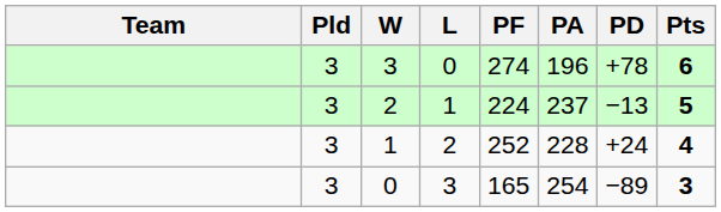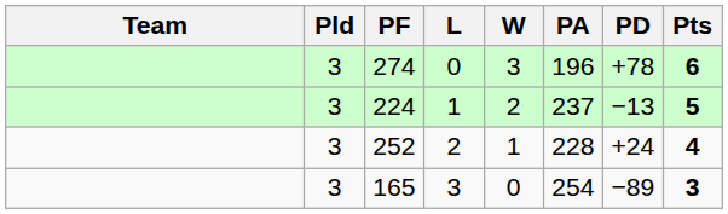 <table class=wikitable style="text-align:center">
 <tr>
 <th width=180>Team</th>
 <th width=30>Pld</th>
+<th width=30>PF</th>
+<th width=30>L</th>
 <th width=30>W</th>
-<th width=30>L</th>
-<th width=30>PF</th>
 <th width=30>PA</th>
 <th width=30>PD</th>
 <th width=30>Pts</th>
 </tr>
 <tr bgcolor="#ccffcc">
 <td align="left"></td>
 <td>3</td>
+<td>274</td>
+<td>0</td>
 <td>3</td>
-<td>0</td>
-<td>274</td>
 <td>196</td>
 <td>+78</td>
 <td><strong>6</strong></td>
 </tr>
 <tr bgcolor="#ccffcc">
 <td align="left"></td>
 <td>3</td>
+<td>224</td>
+<td>1</td>
 <td>2</td>
-<td>1</td>
-<td>224</td>
 <td>237</td>
 <td>−13</td>
 <td><strong>5</strong></td>
 </tr>
 <tr>
 <td align="left"></td>
 <td>3</td>
+<td>252</td>
+<td>2</td>
 <td>1</td>
-<td>2</td>
-<td>252</td>
 <td>228</td>
 <td>+24</td>
 <td><strong>4</strong></td>
 </tr>
 <tr>
 <td align="left"></td>
 <td>3</td>
+<td>165</td>
+<td>3</td>
 <td>0</td>
-<td>3</td>
-<td>165</td>
 <td>254</td>
 <td>−89</td>
 <td><strong>3</strong></td>
 </tr>
 </table>
